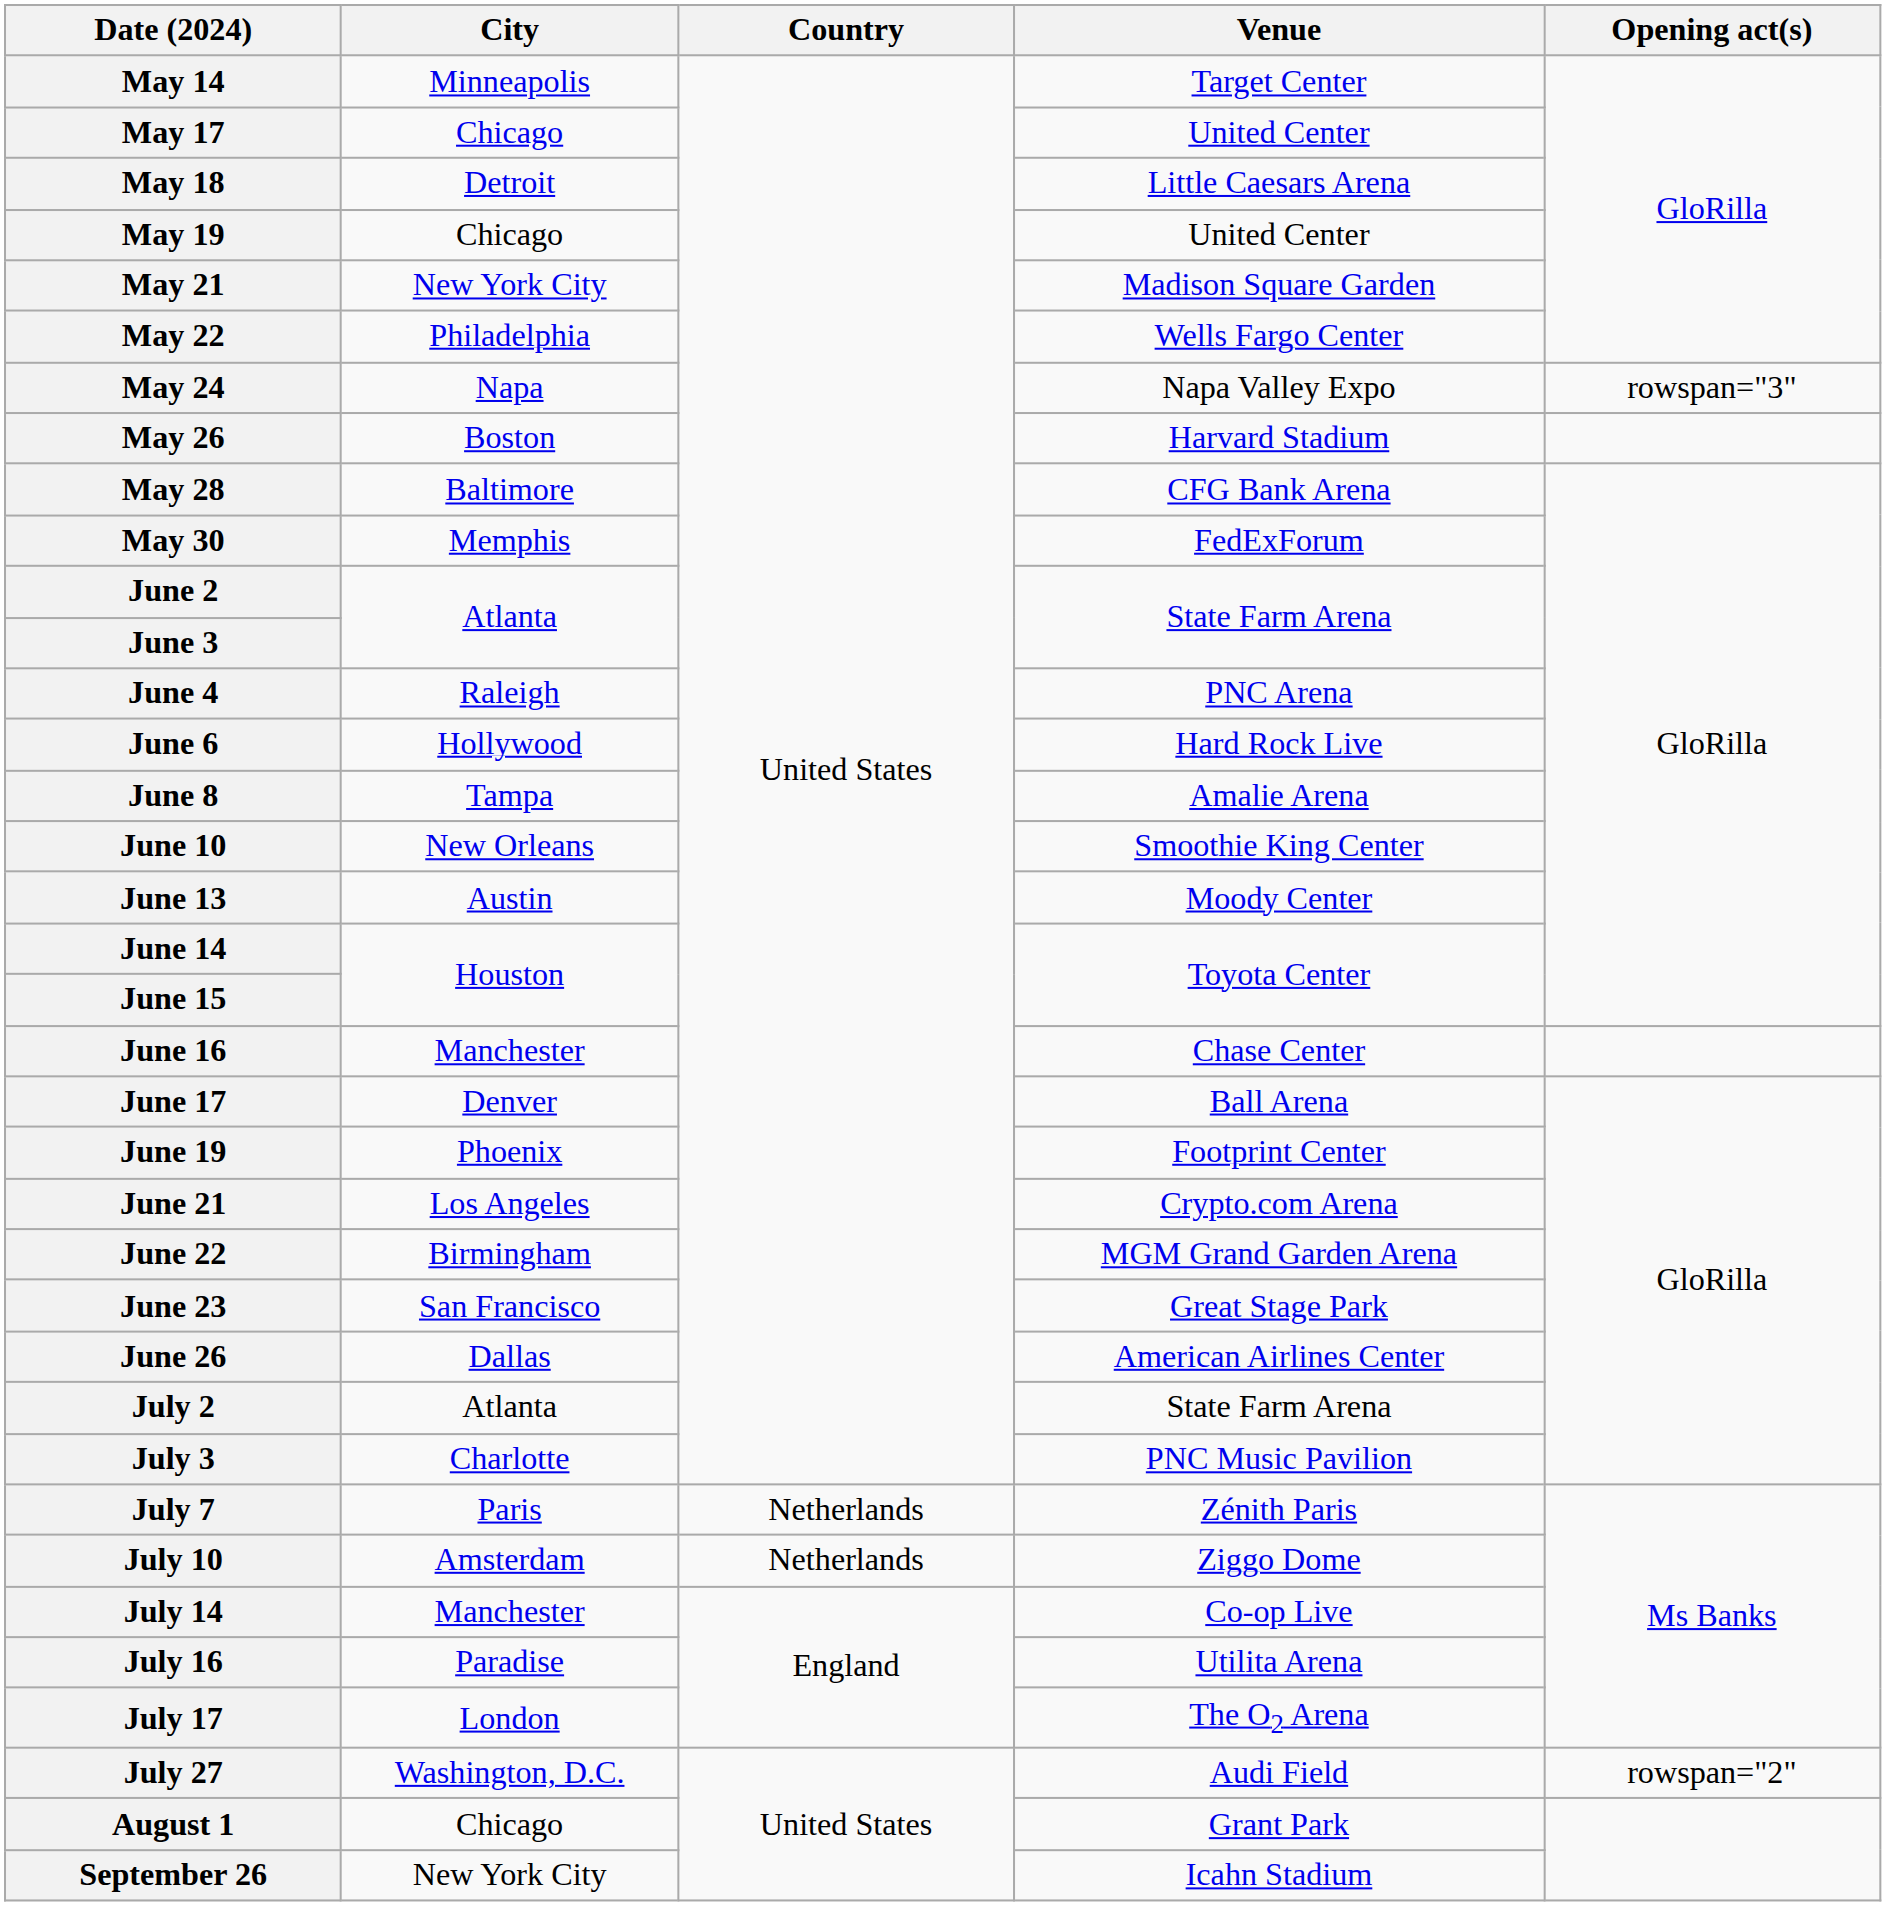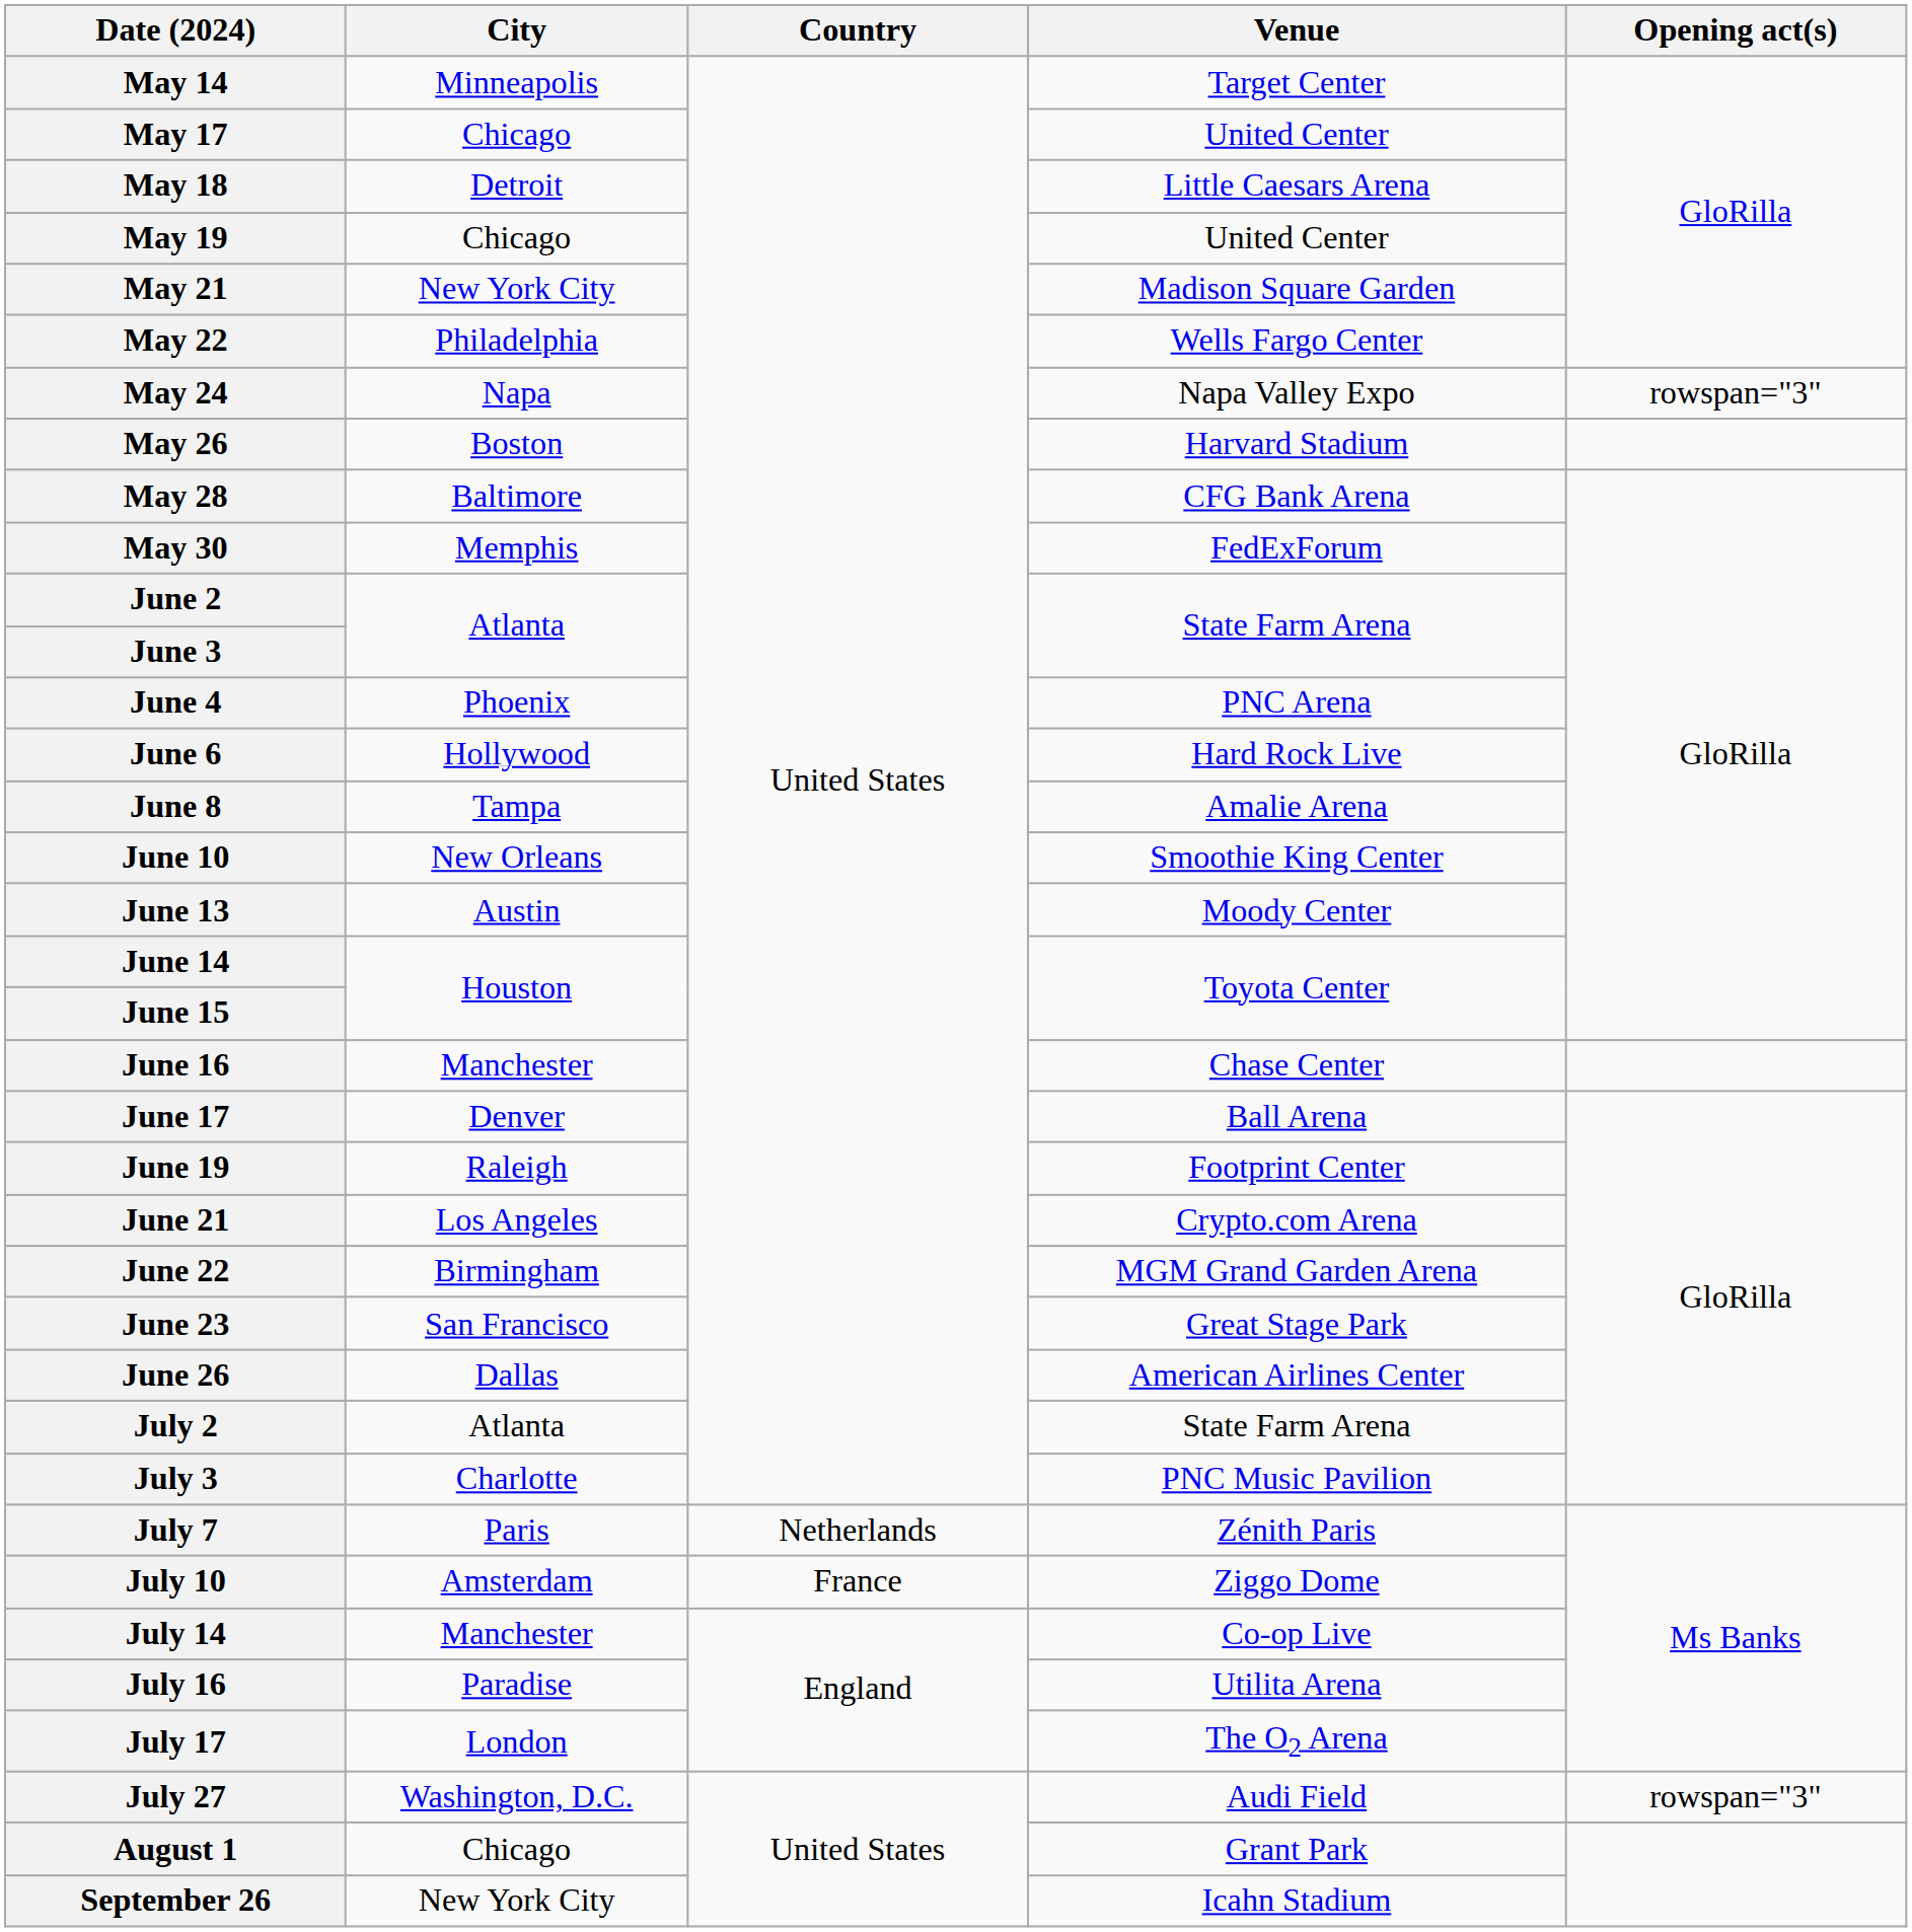 <table class="wikitable plainrowheaders" style="text-align:center;">
 <tr>
 <th scope="col" style="width:10em;">Date (2024)</th>
 <th scope="col" style="width:10em;">City</th>
 <th scope="col" style="width:10em;">Country</th>
 <th scope="col" style="width:16em;">Venue</th>
 <th scope="col" style="width:10em;">Opening act(s)</th>
 </tr>
 <tr>
 <th scope="row" style="text-align:center;">May 14</th>
 <td><a href='#'>Minneapolis</a></td>
 <td rowspan="28">United States</td>
 <td><a href='#'>Target Center</a></td>
 <td rowspan="6"><a href='#'>GloRilla</a></td>
 </tr>
 <tr>
 <th scope="row" style="text-align:center;">May 17</th>
 <td><a href='#'>Chicago</a></td>
 <td><a href='#'>United Center</a></td>
 </tr>
 <tr>
 <th scope="row" style="text-align:center;">May 18</th>
 <td><a href='#'>Detroit</a></td>
 <td><a href='#'>Little Caesars Arena</a></td>
 </tr>
 <tr>
 <th scope="row" style="text-align:center;">May 19</th>
 <td>Chicago</td>
 <td>United Center</td>
 </tr>
 <tr>
 <th scope="row" style="text-align:center;">May 21</th>
 <td><a href='#'>New York City</a></td>
 <td><a href='#'>Madison Square Garden</a></td>
 </tr>
 <tr>
 <th scope="row" style="text-align:center;">May 22</th>
 <td><a href='#'>Philadelphia</a></td>
 <td><a href='#'>Wells Fargo Center</a></td>
 </tr>
 <tr>
 <th scope="row" style="text-align:center;">May 24</th>
 <td><a href='#'>Napa</a></td>
 <td>Napa Valley Expo</td>
 <td>rowspan="3"  </td>
 </tr>
 <tr>
 <th scope="row" style="text-align:center;">May 26</th>
 <td><a href='#'>Boston</a></td>
 <td><a href='#'>Harvard Stadium</a></td>
 </tr>
 <tr>
 <th scope="row" style="text-align:center;">May 28</th>
 <td><a href='#'>Baltimore</a></td>
 <td><a href='#'>CFG Bank Arena</a></td>
 <td rowspan="11">GloRilla</td>
 </tr>
 <tr>
 <th scope="row" style="text-align:center;">May 30</th>
 <td><a href='#'>Memphis</a></td>
 <td><a href='#'>FedExForum</a></td>
 </tr>
 <tr>
 <th scope="row" style="text-align:center;">June 2</th>
 <td rowspan="2"><a href='#'>Atlanta</a></td>
 <td rowspan="2"><a href='#'>State Farm Arena</a></td>
 </tr>
 <tr>
 <th scope="row" style="text-align:center;">June 3</th>
 </tr>
 <tr>
 <th scope="row" style="text-align:center;">June 4</th>
-<td><a href='#'>Raleigh</a></td>
+<td><a href='#'>Phoenix</a></td>
 <td><a href='#'>PNC Arena</a></td>
 </tr>
 <tr>
 <th scope="row" style="text-align:center;">June 6</th>
 <td><a href='#'>Hollywood</a></td>
 <td><a href='#'>Hard Rock Live</a></td>
 </tr>
 <tr>
 <th scope="row" style="text-align:center;">June 8</th>
 <td><a href='#'>Tampa</a></td>
 <td><a href='#'>Amalie Arena</a></td>
 </tr>
 <tr>
 <th scope="row" style="text-align:center;">June 10</th>
 <td><a href='#'>New Orleans</a></td>
 <td><a href='#'>Smoothie King Center</a></td>
 </tr>
 <tr>
 <th scope="row" style="text-align:center;">June 13</th>
 <td><a href='#'>Austin</a></td>
 <td><a href='#'>Moody Center</a></td>
 </tr>
 <tr>
 <th scope="row" style="text-align:center;">June 14</th>
 <td rowspan="2"><a href='#'>Houston</a></td>
 <td rowspan="2"><a href='#'>Toyota Center</a></td>
 </tr>
 <tr>
 <th scope="row" style="text-align:center;">June 15</th>
 </tr>
 <tr>
 <th scope="row" style="text-align:center;">June 16</th>
 <td><a href='#'>Manchester</a></td>
 <td><a href='#'>Chase Center</a></td>
 <td></td>
 </tr>
 <tr>
 <th scope="row" style="text-align:center;">June 17</th>
 <td><a href='#'>Denver</a></td>
 <td><a href='#'>Ball Arena</a></td>
 <td rowspan="8">GloRilla</td>
 </tr>
 <tr>
 <th scope="row" style="text-align:center;">June 19</th>
-<td><a href='#'>Phoenix</a></td>
+<td><a href='#'>Raleigh</a></td>
 <td><a href='#'>Footprint Center</a></td>
 </tr>
 <tr>
 <th scope="row" style="text-align:center;">June 21</th>
 <td><a href='#'>Los Angeles</a></td>
 <td><a href='#'>Crypto.com Arena</a></td>
 </tr>
 <tr>
 <th scope="row" style="text-align:center;">June 22</th>
 <td><a href='#'>Birmingham</a></td>
 <td><a href='#'>MGM Grand Garden Arena</a></td>
 </tr>
 <tr>
 <th scope="row" style="text-align:center;">June 23</th>
 <td><a href='#'>San Francisco</a></td>
 <td><a href='#'>Great Stage Park</a></td>
 </tr>
 <tr>
 <th scope="row" style="text-align:center;">June 26</th>
 <td><a href='#'>Dallas</a></td>
 <td><a href='#'>American Airlines Center</a></td>
 </tr>
 <tr>
 <th scope="row" style="text-align:center;">July 2</th>
 <td>Atlanta</td>
 <td>State Farm Arena</td>
 </tr>
 <tr>
 <th scope="row" style="text-align:center;">July 3</th>
 <td><a href='#'>Charlotte</a></td>
 <td><a href='#'>PNC Music Pavilion</a></td>
 </tr>
 <tr>
 <th scope="row" style="text-align:center;">July 7</th>
 <td><a href='#'>Paris</a></td>
 <td>Netherlands</td>
 <td><a href='#'>Zénith Paris</a></td>
 <td rowspan="5"><a href='#'>Ms Banks</a></td>
 </tr>
 <tr>
 <th scope="row" style="text-align:center;">July 10</th>
 <td><a href='#'>Amsterdam</a></td>
-<td>Netherlands</td>
+<td>France</td>
 <td><a href='#'>Ziggo Dome</a></td>
 </tr>
 <tr>
 <th scope="row" style="text-align:center;">July 14</th>
 <td><a href='#'>Manchester</a></td>
 <td rowspan="3">England</td>
 <td><a href='#'>Co-op Live</a></td>
 </tr>
 <tr>
 <th scope="row" style="text-align:center;">July 16</th>
 <td><a href='#'>Paradise</a></td>
 <td><a href='#'>Utilita Arena</a></td>
 </tr>
 <tr>
 <th scope="row" style="text-align:center;">July 17</th>
 <td><a href='#'>London</a></td>
 <td><a href='#'>The O<sub>2</sub> Arena</a></td>
 </tr>
 <tr>
 <th scope="row" style="text-align:center;">July 27</th>
 <td><a href='#'>Washington, D.C.</a></td>
 <td rowspan="3">United States</td>
 <td><a href='#'>Audi Field</a></td>
-<td>rowspan="2" </td>
+<td>rowspan="3"  </td>
 </tr>
 <tr>
 <th scope="row" style="text-align:center;">August 1</th>
 <td>Chicago</td>
 <td><a href='#'>Grant Park</a></td>
 </tr>
 <tr>
 <th scope="row" style="text-align:center;">September 26</th>
 <td>New York City</td>
 <td><a href='#'>Icahn Stadium</a></td>
 </tr>
 </table>
